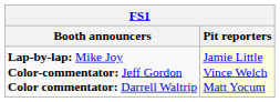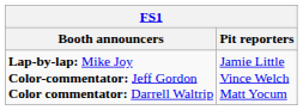 <table class="wikitable" style="font-size: 95%;">
 <tr>
 <th colspan="2"><a href='#'>FS1</a></th>
 </tr>
 <tr>
 <th>Booth announcers</th>
 <th>Pit reporters</th>
 </tr>
 <tr>
 <td><strong>Lap-by-lap:</strong> <a href='#'>Mike Joy</a><br><strong>Color-commentator:</strong> <a href='#'>Jeff Gordon</a><br><strong>Color commentator:</strong> <a href='#'>Darrell Waltrip</a></td>
-<td style="background: lightyellow;"><a href='#'>Jamie Little</a><br><a href='#'>Vince Welch</a><br><a href='#'>Matt Yocum</a></td>
+<td><a href='#'>Jamie Little</a><br><a href='#'>Vince Welch</a><br><a href='#'>Matt Yocum</a></td>
 </tr>
 </table>
